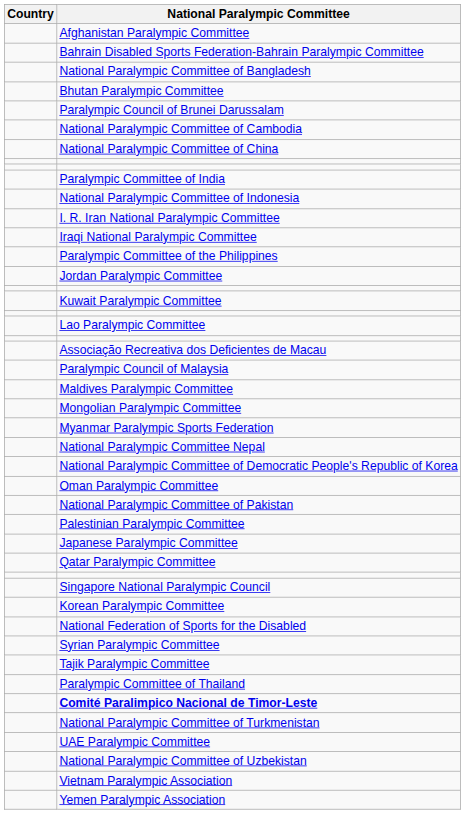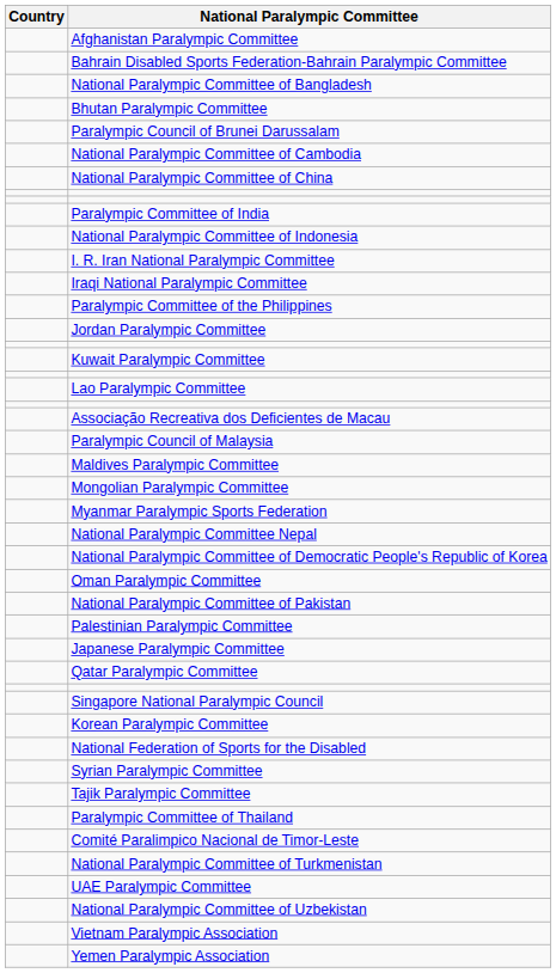 <table class="wikitable">
 <tr>
 <th>Country</th>
 <th>National Paralympic Committee</th>
 </tr>
 <tr>
 <td></td>
 <td><a href='#'>Afghanistan Paralympic Committee</a></td>
 </tr>
 <tr>
 <td></td>
 <td><a href='#'>Bahrain Disabled Sports Federation-Bahrain Paralympic Committee</a></td>
 </tr>
 <tr>
 <td></td>
 <td><a href='#'>National Paralympic Committee of Bangladesh</a></td>
 </tr>
 <tr>
 <td></td>
 <td><a href='#'>Bhutan Paralympic Committee</a></td>
 </tr>
 <tr>
 <td></td>
 <td><a href='#'>Paralympic Council of Brunei Darussalam</a></td>
 </tr>
 <tr>
 <td></td>
 <td><a href='#'>National Paralympic Committee of Cambodia</a></td>
 </tr>
 <tr>
 <td></td>
 <td><a href='#'>National Paralympic Committee of China</a></td>
 </tr>
 <tr>
 <td></td>
 <td></td>
 </tr>
 <tr>
 <td></td>
 <td></td>
 </tr>
 <tr>
 <td></td>
 <td><a href='#'>Paralympic Committee of India</a></td>
 </tr>
 <tr>
 <td></td>
 <td><a href='#'>National Paralympic Committee of Indonesia</a></td>
 </tr>
 <tr>
 <td></td>
 <td><a href='#'>I. R. Iran National Paralympic Committee</a></td>
 </tr>
 <tr>
 <td></td>
 <td><a href='#'>Iraqi National Paralympic Committee</a></td>
 </tr>
 <tr>
 <td></td>
 <td><a href='#'>Paralympic Committee of the Philippines</a></td>
 </tr>
 <tr>
 <td></td>
 <td><a href='#'>Jordan Paralympic Committee</a></td>
 </tr>
 <tr>
 <td></td>
 <td></td>
 </tr>
 <tr>
 <td></td>
 <td><a href='#'>Kuwait Paralympic Committee</a></td>
 </tr>
 <tr>
 <td></td>
 <td></td>
 </tr>
 <tr>
 <td></td>
 <td><a href='#'>Lao Paralympic Committee</a></td>
 </tr>
 <tr>
 <td></td>
 <td></td>
 </tr>
 <tr>
 <td></td>
 <td><a href='#'>Associação Recreativa dos Deficientes de Macau</a></td>
 </tr>
 <tr>
 <td></td>
 <td><a href='#'>Paralympic Council of Malaysia</a></td>
 </tr>
 <tr>
 <td></td>
 <td><a href='#'>Maldives Paralympic Committee</a></td>
 </tr>
 <tr>
 <td></td>
 <td><a href='#'>Mongolian Paralympic Committee</a></td>
 </tr>
 <tr>
 <td></td>
 <td><a href='#'>Myanmar Paralympic Sports Federation</a></td>
 </tr>
 <tr>
 <td></td>
 <td><a href='#'>National Paralympic Committee Nepal</a></td>
 </tr>
 <tr>
 <td></td>
 <td><a href='#'>National Paralympic Committee of Democratic People's Republic of Korea</a></td>
 </tr>
 <tr>
 <td></td>
 <td><a href='#'>Oman Paralympic Committee</a></td>
 </tr>
 <tr>
 <td></td>
 <td><a href='#'>National Paralympic Committee of Pakistan</a></td>
 </tr>
 <tr>
 <td></td>
 <td><a href='#'>Palestinian Paralympic Committee</a></td>
 </tr>
 <tr>
 <td></td>
 <td><a href='#'>Japanese Paralympic Committee</a></td>
 </tr>
 <tr>
 <td></td>
 <td><a href='#'>Qatar Paralympic Committee</a></td>
 </tr>
 <tr>
 <td></td>
 <td></td>
 </tr>
 <tr>
 <td></td>
 <td><a href='#'>Singapore National Paralympic Council</a></td>
 </tr>
 <tr>
 <td></td>
 <td><a href='#'>Korean Paralympic Committee</a></td>
 </tr>
 <tr>
 <td></td>
 <td><a href='#'>National Federation of Sports for the Disabled</a></td>
 </tr>
 <tr>
 <td></td>
 <td><a href='#'>Syrian Paralympic Committee</a></td>
 </tr>
 <tr>
 <td></td>
 <td><a href='#'>Tajik Paralympic Committee</a></td>
 </tr>
 <tr>
 <td></td>
 <td><a href='#'>Paralympic Committee of Thailand</a></td>
 </tr>
 <tr>
 <td></td>
-<td><strong><a href='#'>Comité Paralimpico Nacional de Timor-Leste</a></strong></td>
+<td><a href='#'>Comité Paralimpico Nacional de Timor-Leste</a></td>
 </tr>
 <tr>
 <td></td>
 <td><a href='#'>National Paralympic Committee of Turkmenistan</a></td>
 </tr>
 <tr>
 <td></td>
 <td><a href='#'>UAE Paralympic Committee</a></td>
 </tr>
 <tr>
 <td></td>
 <td><a href='#'>National Paralympic Committee of Uzbekistan</a></td>
 </tr>
 <tr>
 <td></td>
 <td><a href='#'>Vietnam Paralympic Association</a></td>
 </tr>
 <tr>
 <td></td>
 <td><a href='#'>Yemen Paralympic Association</a></td>
 </tr>
 </table>
